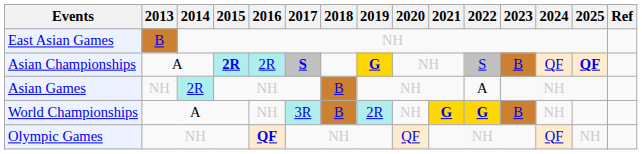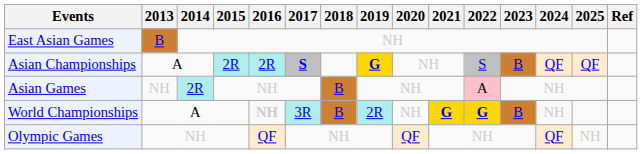 <table class="wikitable" style="font-size: 90%; text-align:center">
 <tr>
 <th>Events</th>
 <th>2013</th>
 <th>2014</th>
 <th>2015</th>
 <th>2016</th>
 <th>2017</th>
 <th>2018</th>
 <th>2019</th>
 <th>2020</th>
 <th>2021</th>
 <th>2022</th>
 <th>2023</th>
 <th>2024</th>
 <th>2025</th>
 <th>Ref</th>
 </tr>
 <tr>
 <td bgcolor="#ECF2FF"; align="left"><a href='#'>East Asian Games</a></td>
 <td bgcolor=CD7F32><a href='#'>B</a></td>
 <td colspan="12" style=color:#ccc>NH</td>
 </tr>
 <tr>
 <td bgcolor="#ECF2FF"; align="left"><a href='#'>Asian Championships</a></td>
 <td colspan="2">A</td>
-<td bgcolor=AFEEEE><strong><a href='#'>2R</a></strong></td>
+<td bgcolor=AFEEEE><a href='#'>2R</a></td>
 <td bgcolor=AFEEEE><a href='#'>2R</a></td>
 <td bgcolor=silver><strong><a href='#'>S</a></strong></td>
 <td><a href='#'></a></td>
 <td bgcolor=gold><a href='#'><strong>G</strong></a></td>
 <td colspan="2" style=color:#ccc>NH</td>
 <td bgcolor=silver><a href='#'>S</a></td>
 <td bgcolor=CD7F32><a href='#'>B</a></td>
 <td bgcolor=FFEBCD><a href='#'>QF</a></td>
-<td bgcolor=FFEBCD><strong><a href='#'>QF</a></strong></td>
+<td bgcolor=FFEBCD><a href='#'>QF</a></td>
 <td></td>
 </tr>
 <tr>
 <td bgcolor="#ECF2FF"; align="left"><a href='#'>Asian Games</a></td>
 <td style=color:#ccc>NH</td>
 <td bgcolor=AFEEEE><a href='#'>2R</a></td>
 <td colspan="3" style=color:#ccc>NH</td>
 <td bgcolor=CD7F32><a href='#'>B</a></td>
 <td colspan="3" style=color:#ccc>NH</td>
-<td>A</td>
+<td style="background: pink;">A</td>
 <td colspan="3" style=color:#ccc>NH</td>
 <td></td>
 </tr>
 <tr>
 <td bgcolor="#ECF2FF"; align="left"><a href='#'>World Championships</a></td>
 <td colspan="3">A</td>
-<td style=color:#ccc>NH</td>
+<td style=color:#ccc><strong>NH</strong></td>
 <td bgcolor=AFEEEE><a href='#'>3R</a></td>
 <td bgcolor=CD7F32><a href='#'>B</a></td>
 <td bgcolor=AFEEEE><a href='#'>2R</a></td>
 <td style=color:#ccc>NH</td>
 <td bgcolor=gold><a href='#'><strong>G</strong></a></td>
 <td bgcolor=gold><a href='#'><strong>G</strong></a></td>
 <td bgcolor=CD7F32><a href='#'>B</a></td>
 <td style=color:#ccc>NH</td>
 <td></td>
 <td></td>
 </tr>
 <tr>
 <td bgcolor="#ECF2FF"; align="left"><a href='#'>Olympic Games</a></td>
 <td colspan="3" style=color:#ccc>NH</td>
-<td bgcolor=FFEBCD><strong><a href='#'>QF</a></strong></td>
+<td bgcolor=FFEBCD><a href='#'>QF</a></td>
 <td colspan="3" style=color:#ccc>NH</td>
 <td bgcolor=FFEBCD><a href='#'>QF</a></td>
 <td colspan="3" style=color:#ccc>NH</td>
 <td bgcolor=FFEBCD><a href='#'>QF</a></td>
 <td style=color:#ccc>NH</td>
 <td></td>
 </tr>
 </table>
